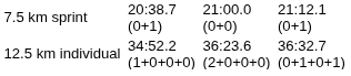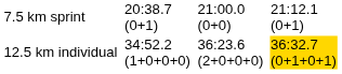 <table>
 <tr>
 <td>7.5 km sprint</td>
 <td></td>
 <td>20:38.7<br>(0+1)</td>
 <td></td>
 <td>21:00.0<br>(0+0)</td>
 <td></td>
 <td>21:12.1<br>(0+1)</td>
 </tr>
 <tr>
 <td>12.5 km individual</td>
 <td></td>
 <td>34:52.2<br>(1+0+0+0)</td>
 <td></td>
 <td>36:23.6<br>(2+0+0+0)</td>
 <td></td>
-<td>36:32.7<br>(0+1+0+1)</td>
+<td style="background: gold;">36:32.7<br>(0+1+0+1)</td>
 </tr>
 </table>
